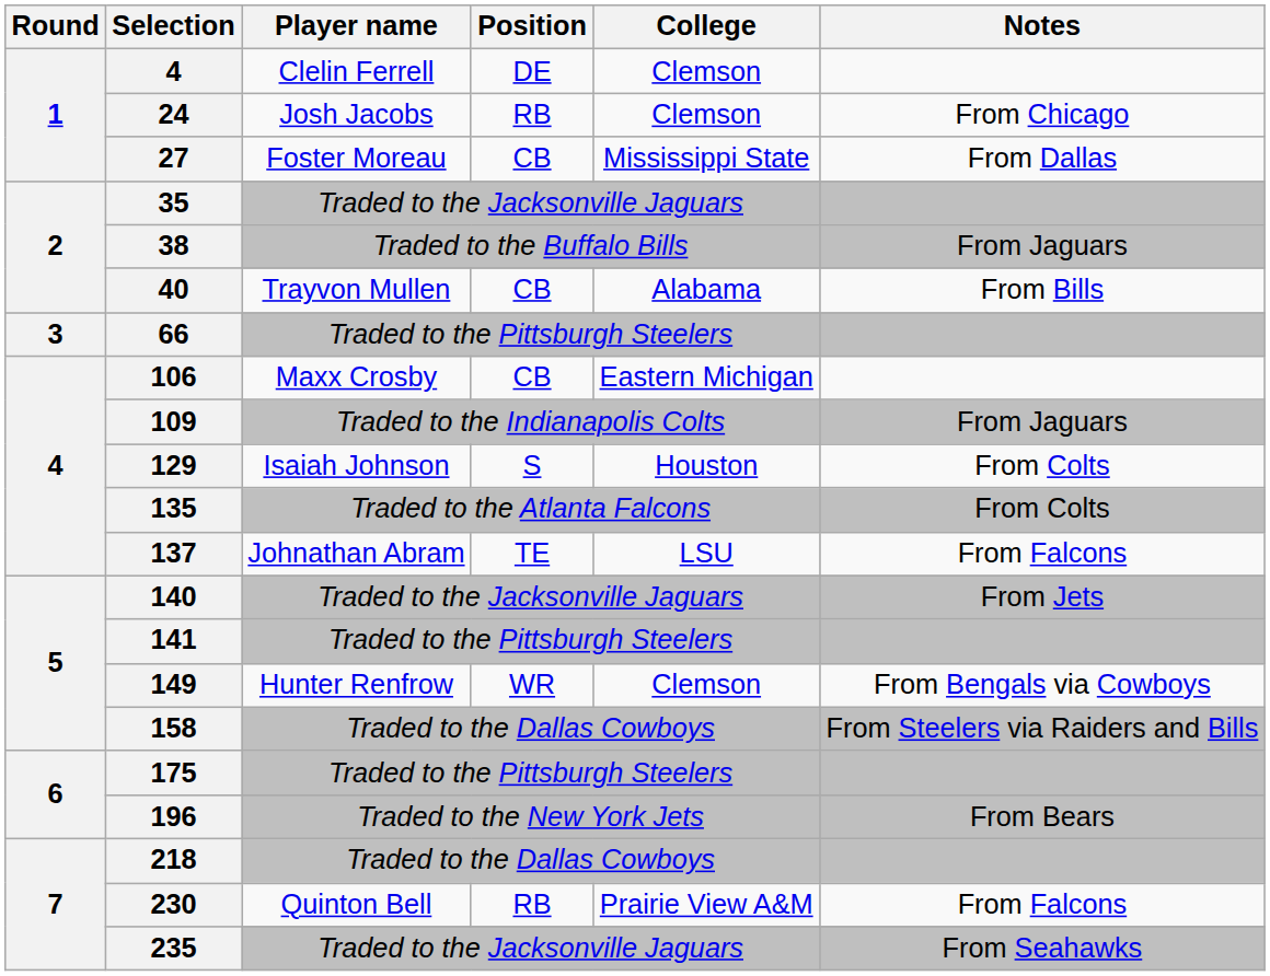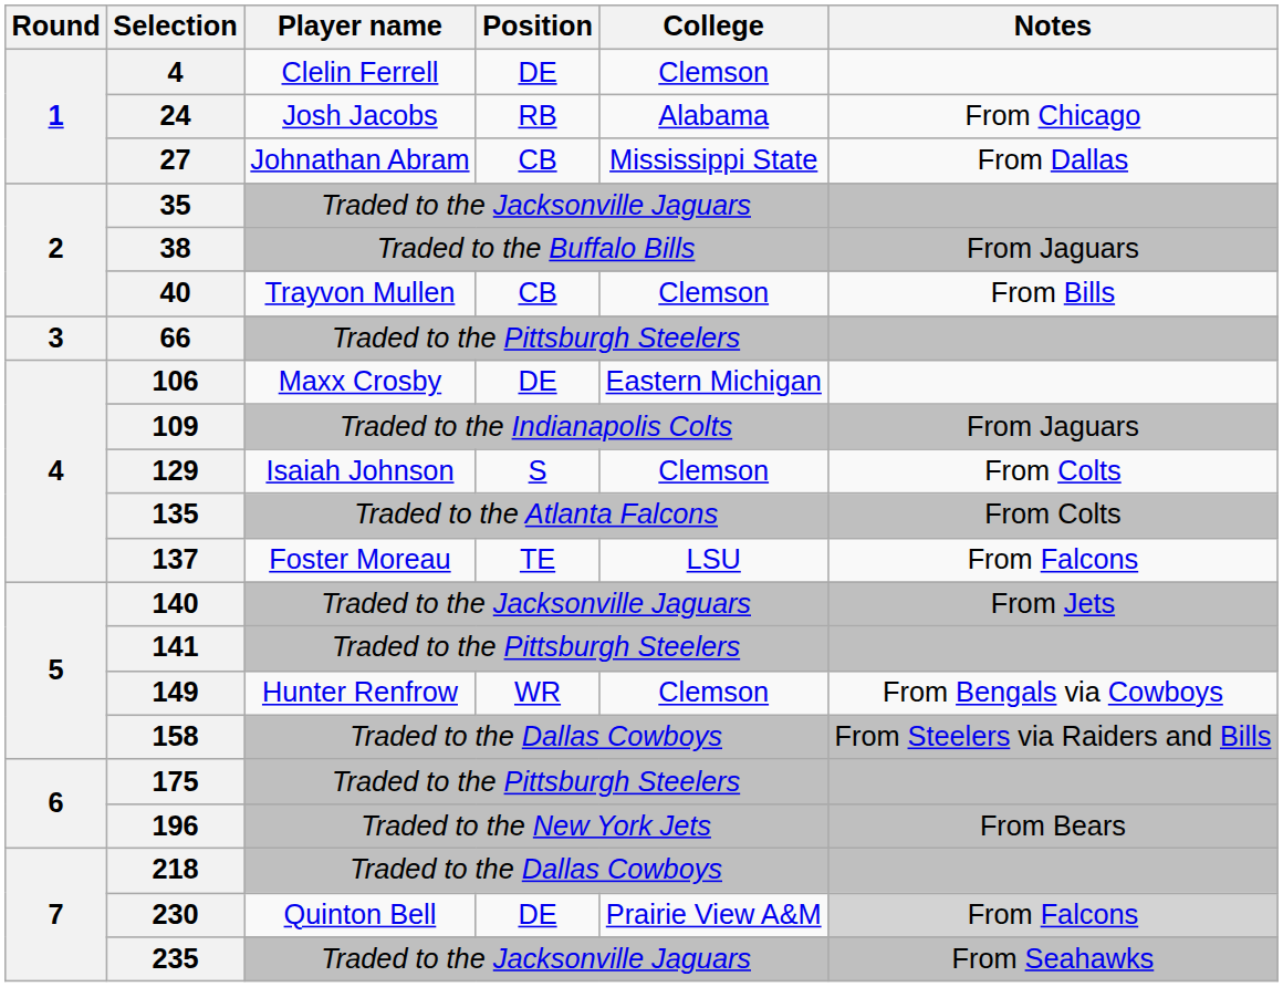 <table class="wikitable" style="text-align:center">
 <tr>
 <th>Round</th>
 <th>Selection</th>
 <th>Player name</th>
 <th>Position</th>
 <th>College</th>
 <th>Notes</th>
 </tr>
 <tr>
 <th rowspan="3"><a href='#'>1</a></th>
 <th>4</th>
 <td><a href='#'>Clelin Ferrell</a></td>
 <td><a href='#'>DE</a></td>
 <td><a href='#'>Clemson</a></td>
 <td></td>
 </tr>
 <tr>
 <th>24</th>
 <td><a href='#'>Josh Jacobs</a></td>
 <td><a href='#'>RB</a></td>
-<td><a href='#'>Clemson</a></td>
+<td><a href='#'>Alabama</a></td>
 <td>From <a href='#'>Chicago</a></td>
 </tr>
 <tr>
 <th>27</th>
-<td><a href='#'>Foster Moreau</a></td>
+<td><a href='#'>Johnathan Abram</a></td>
 <td><a href='#'>CB</a></td>
 <td><a href='#'>Mississippi State</a></td>
 <td>From <a href='#'>Dallas</a></td>
 </tr>
 <tr>
 <th rowspan="3">2</th>
 <th>35</th>
 <td colspan="3" style="background:#BFBFBF"><em>Traded to the <a href='#'>Jacksonville Jaguars</a></em></td>
 <td style="background:#BFBFBF"></td>
 </tr>
 <tr>
 <th>38</th>
 <td colspan="3" style="background:#BFBFBF"><em>Traded to the <a href='#'>Buffalo Bills</a></em></td>
 <td style="background:#BFBFBF">From Jaguars</td>
 </tr>
 <tr>
 <th>40</th>
 <td><a href='#'>Trayvon Mullen</a></td>
 <td><a href='#'>CB</a></td>
-<td><a href='#'>Alabama</a></td>
+<td><a href='#'>Clemson</a></td>
 <td>From <a href='#'>Bills</a></td>
 </tr>
 <tr>
 <th>3</th>
 <th>66</th>
 <td colspan="3" style="background:#BFBFBF"><em>Traded to the <a href='#'>Pittsburgh Steelers</a></em></td>
 <td style="background:#BFBFBF"></td>
 </tr>
 <tr>
 <th rowspan="5">4</th>
 <th>106</th>
 <td><a href='#'>Maxx Crosby</a></td>
-<td><a href='#'>CB</a></td>
+<td><a href='#'>DE</a></td>
 <td><a href='#'>Eastern Michigan</a></td>
 <td></td>
 </tr>
 <tr>
 <th>109</th>
 <td colspan="3" style="background:#BFBFBF"><em>Traded to the <a href='#'>Indianapolis Colts</a></em></td>
 <td style="background:#BFBFBF">From Jaguars</td>
 </tr>
 <tr>
 <th>129</th>
 <td><a href='#'>Isaiah Johnson</a></td>
 <td><a href='#'>S</a></td>
-<td><a href='#'>Houston</a></td>
+<td><a href='#'>Clemson</a></td>
 <td>From <a href='#'>Colts</a></td>
 </tr>
 <tr>
 <th>135</th>
 <td colspan="3" style="background:#BFBFBF"><em>Traded to the <a href='#'>Atlanta Falcons</a></em></td>
 <td style="background:#BFBFBF">From Colts</td>
 </tr>
 <tr>
 <th>137</th>
-<td><a href='#'>Johnathan Abram</a></td>
+<td><a href='#'>Foster Moreau</a></td>
 <td><a href='#'>TE</a></td>
 <td><a href='#'>LSU</a></td>
 <td>From <a href='#'>Falcons</a></td>
 </tr>
 <tr>
 <th rowspan="4">5</th>
 <th>140</th>
 <td colspan="3" style="background:#BFBFBF"><em>Traded to the <a href='#'>Jacksonville Jaguars</a></em></td>
 <td style="background:#BFBFBF">From <a href='#'>Jets</a></td>
 </tr>
 <tr>
 <th>141</th>
 <td colspan="3" style="background:#BFBFBF"><em>Traded to the <a href='#'>Pittsburgh Steelers</a></em></td>
 <td style="background:#BFBFBF"></td>
 </tr>
 <tr>
 <th>149</th>
 <td><a href='#'>Hunter Renfrow</a></td>
 <td><a href='#'>WR</a></td>
 <td><a href='#'>Clemson</a></td>
 <td>From <a href='#'>Bengals</a> via <a href='#'>Cowboys</a></td>
 </tr>
 <tr>
 <th>158</th>
 <td colspan="3" style="background:#BFBFBF"><em>Traded to the <a href='#'>Dallas Cowboys</a></em></td>
 <td style="background:#BFBFBF">From <a href='#'>Steelers</a> via Raiders and <a href='#'>Bills</a></td>
 </tr>
 <tr>
 <th rowspan="2">6</th>
 <th>175</th>
 <td colspan="3" style="background:#BFBFBF"><em>Traded to the <a href='#'>Pittsburgh Steelers</a></em></td>
 <td style="background:#BFBFBF"></td>
 </tr>
 <tr>
 <th>196</th>
 <td colspan="3" style="background:#BFBFBF"><em>Traded to the <a href='#'>New York Jets</a></em></td>
 <td style="background:#BFBFBF">From Bears</td>
 </tr>
 <tr>
 <th rowspan="3">7</th>
 <th>218</th>
 <td colspan="3" style="background:#BFBFBF"><em>Traded to the <a href='#'>Dallas Cowboys</a></em></td>
 <td style="background:#BFBFBF"></td>
 </tr>
 <tr>
 <th>230</th>
 <td><a href='#'>Quinton Bell</a></td>
-<td><a href='#'>RB</a></td>
+<td><a href='#'>DE</a></td>
 <td><a href='#'>Prairie View A&M</a></td>
-<td>From <a href='#'>Falcons</a></td>
+<td style="background: lightgrey;">From <a href='#'>Falcons</a></td>
 </tr>
 <tr>
 <th>235</th>
 <td colspan="3" style="background:#BFBFBF"><em>Traded to the <a href='#'>Jacksonville Jaguars</a></em></td>
 <td style="background:#BFBFBF">From <a href='#'>Seahawks</a></td>
 </tr>
 </table>
